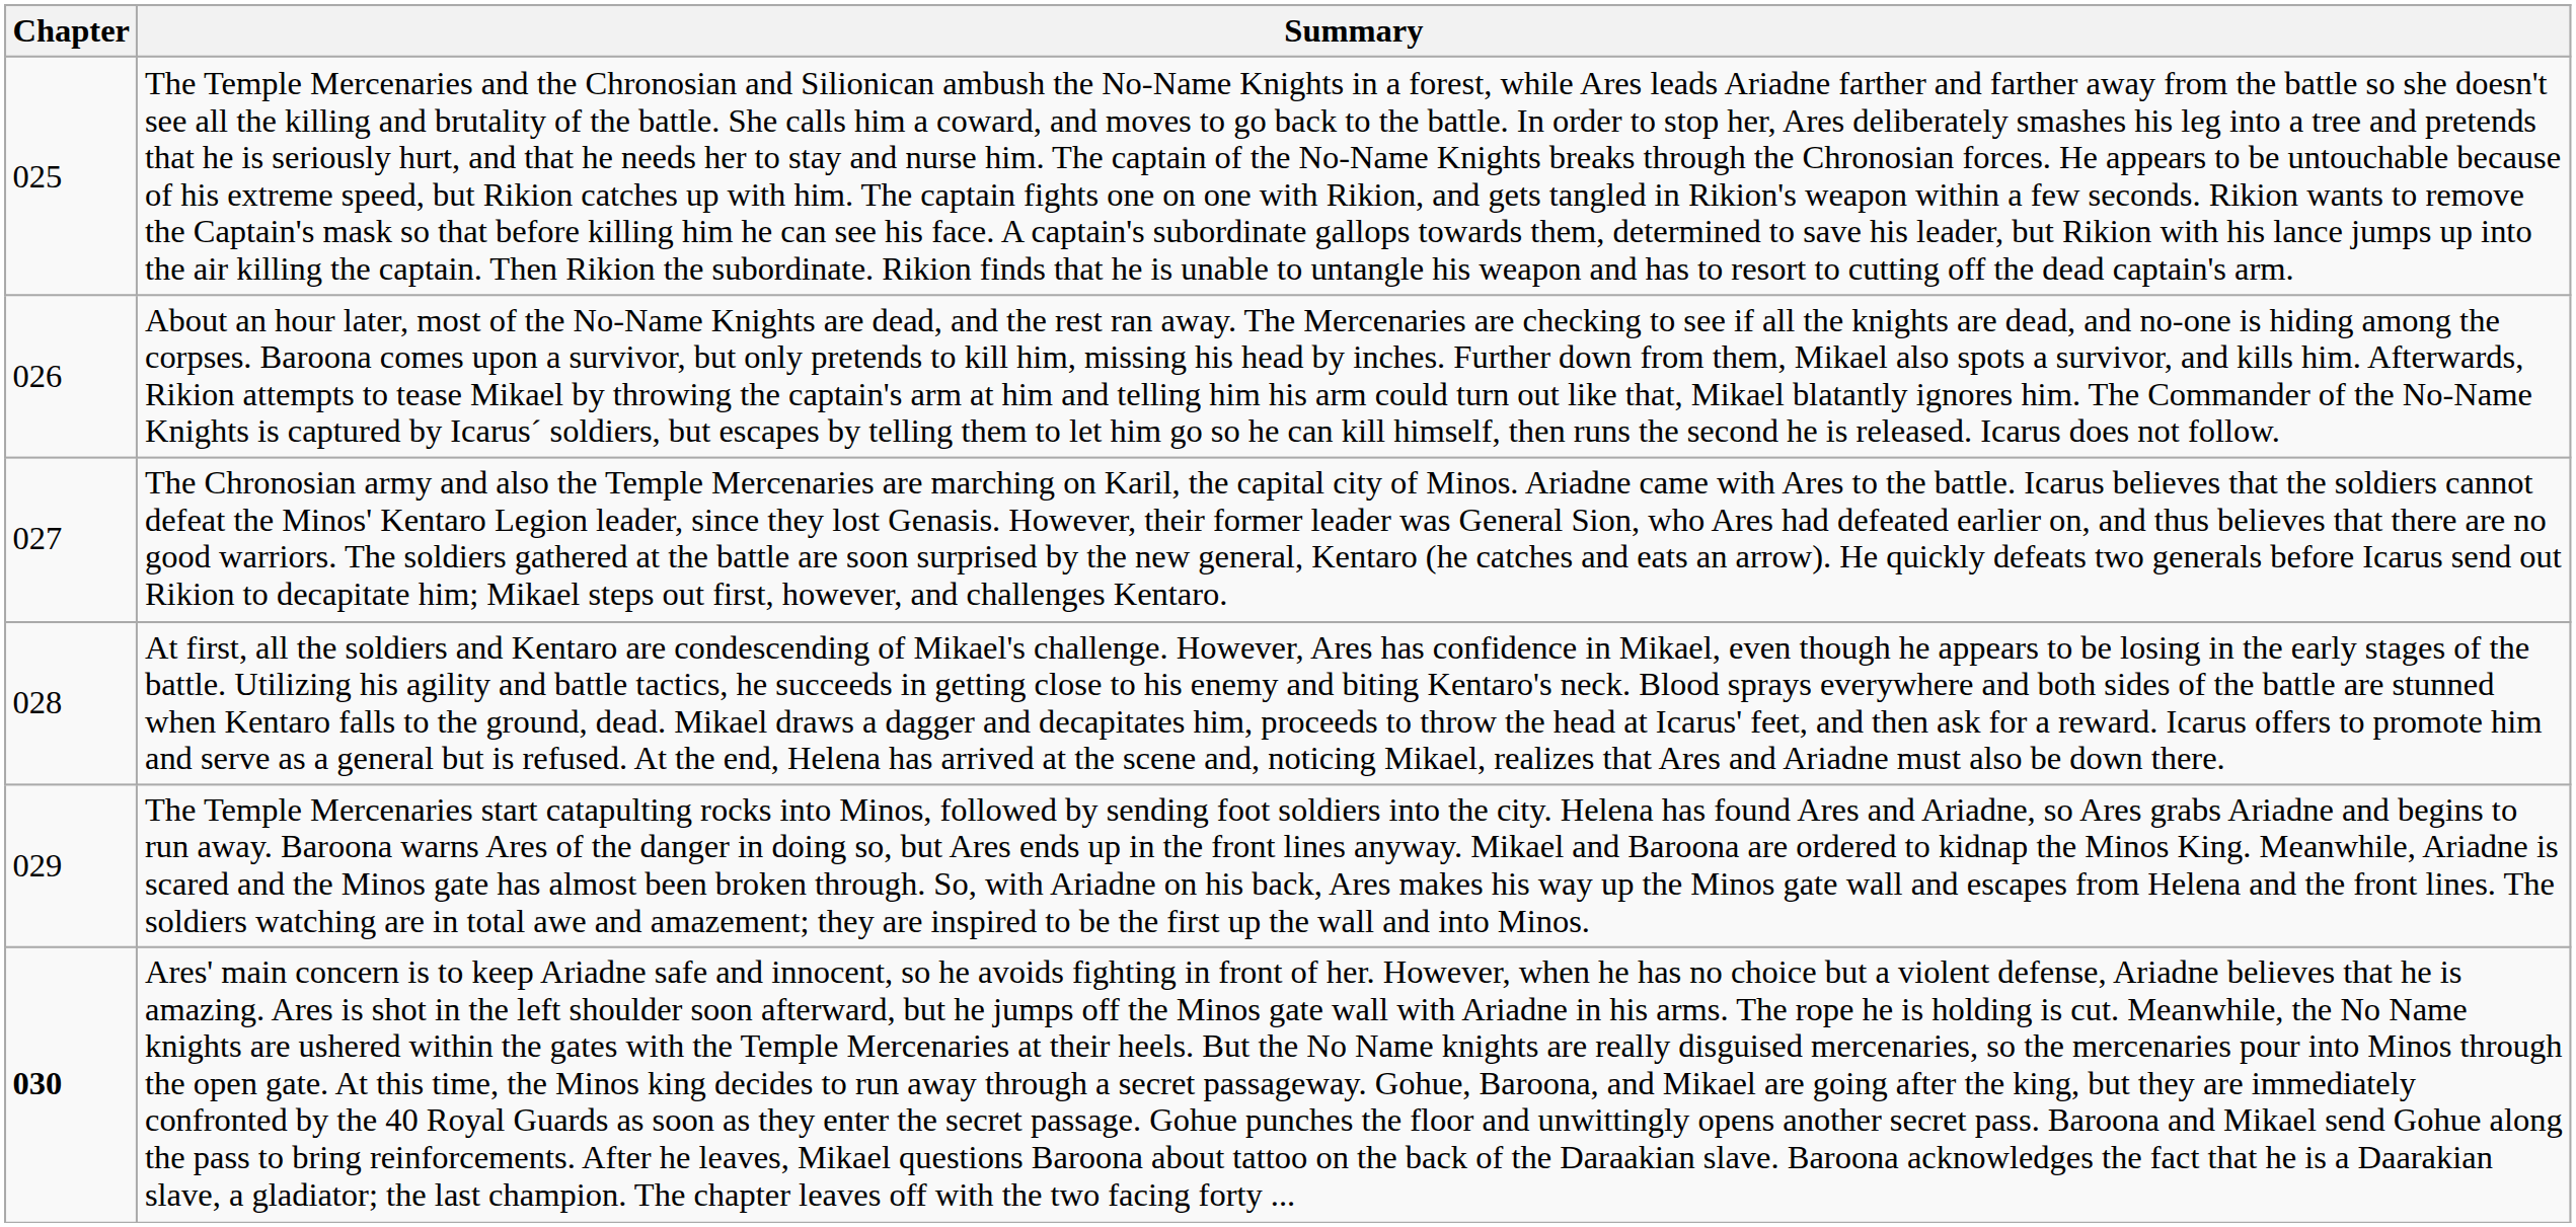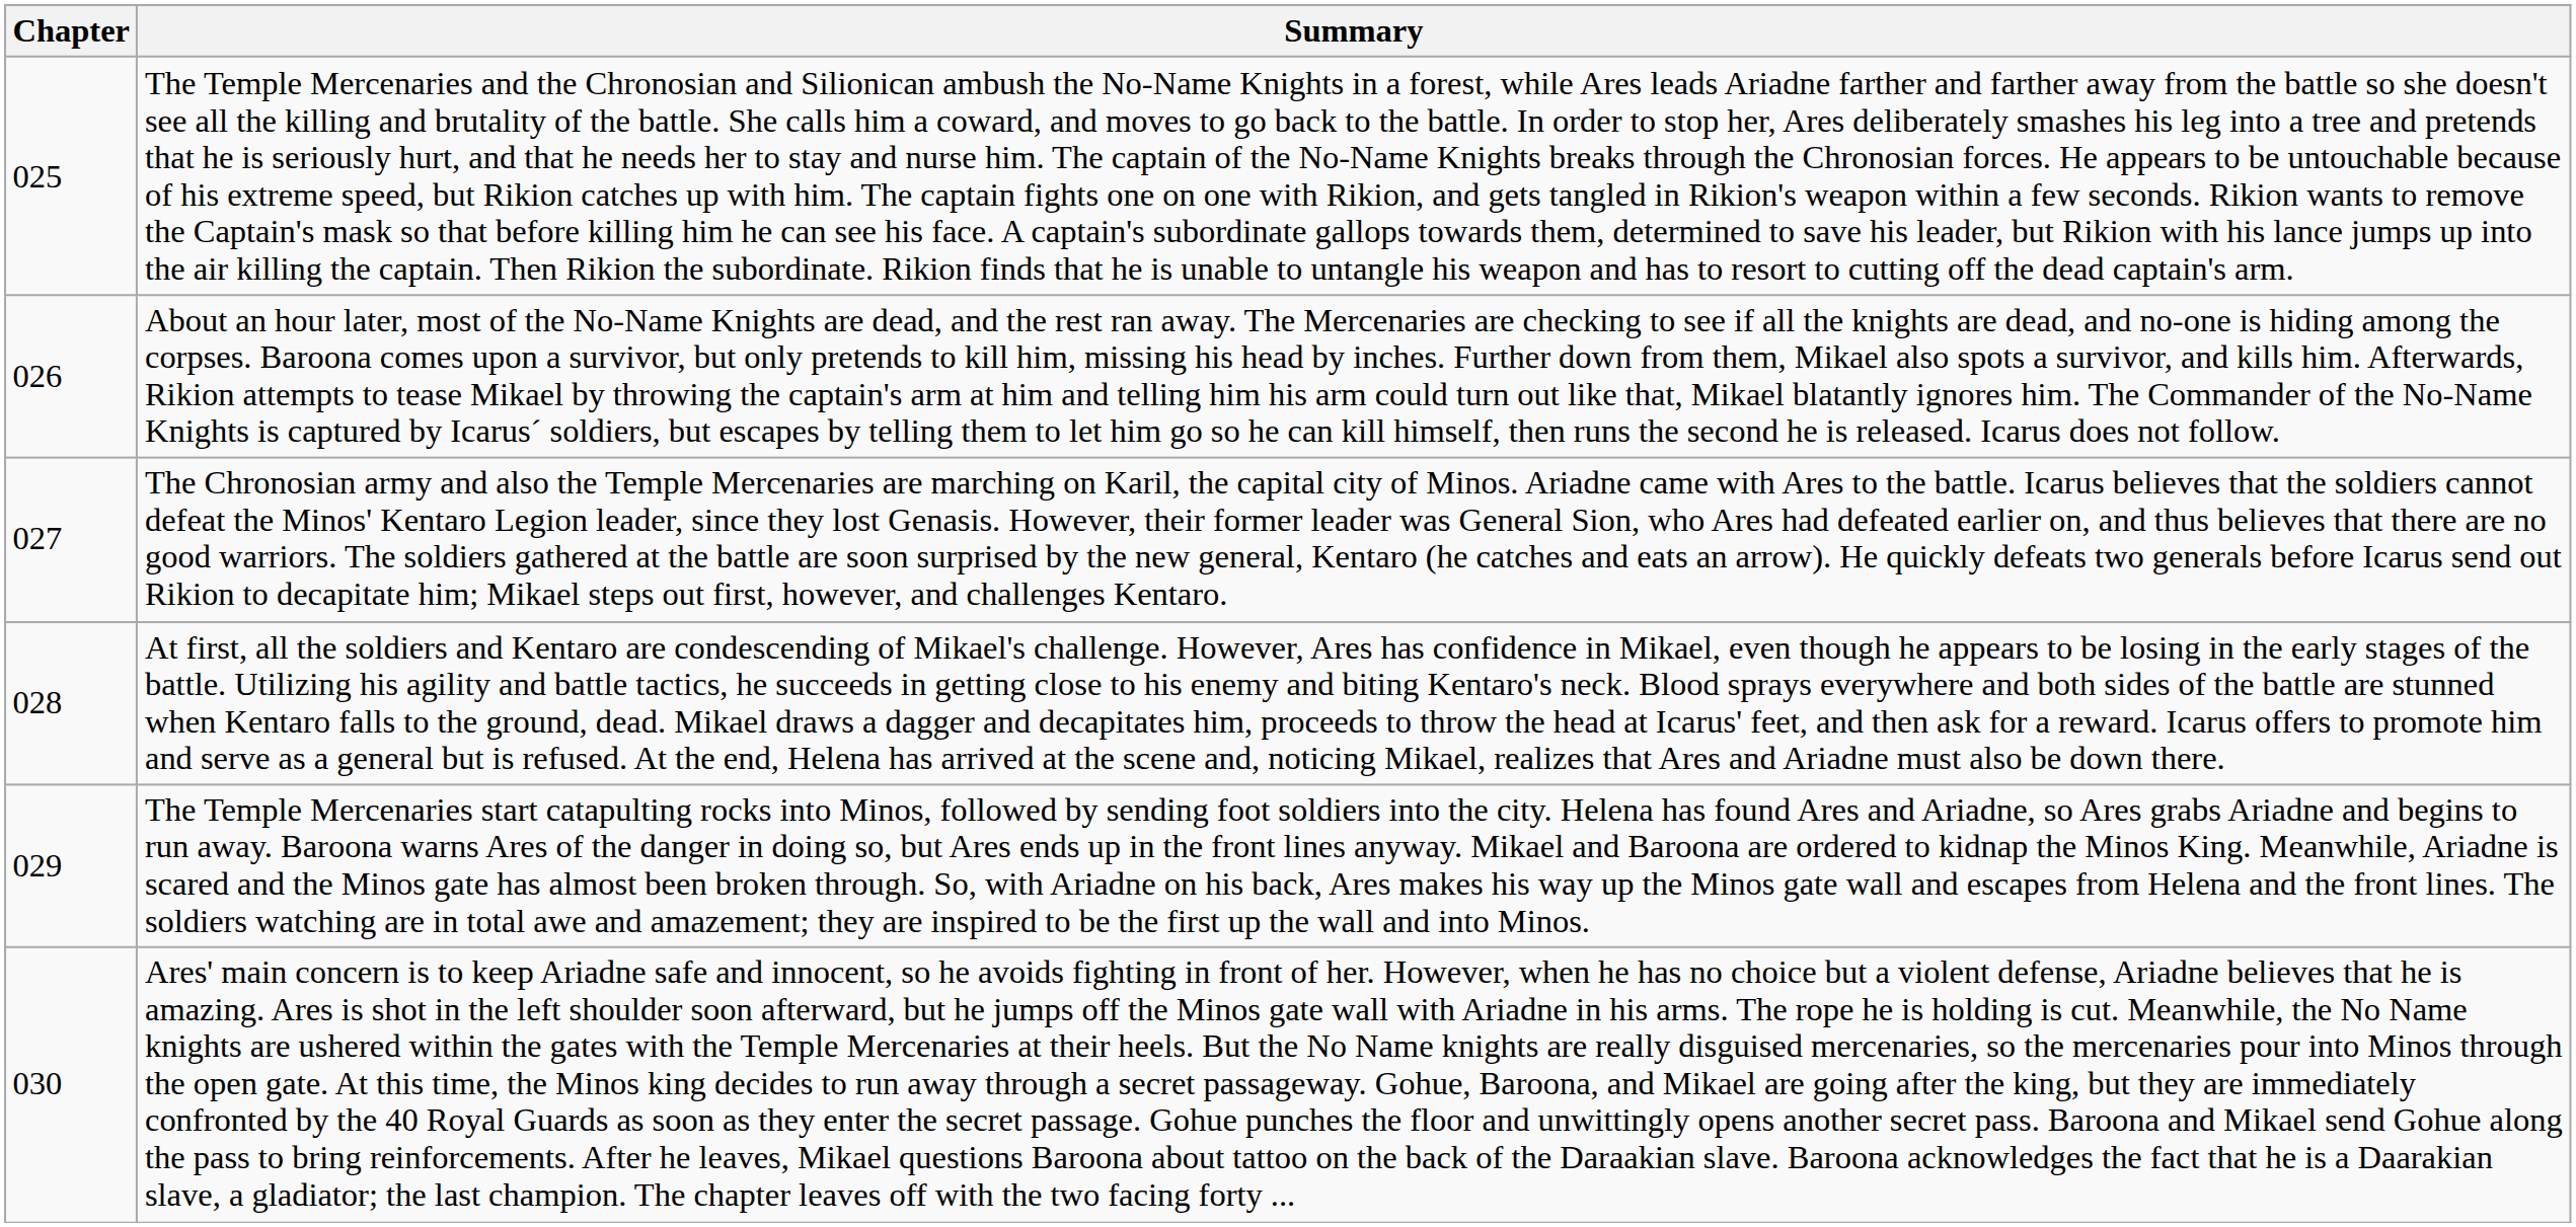 <table class="wikitable">
 <tr>
 <th>Chapter</th>
 <th>Summary</th>
 </tr>
 <tr>
 <td>025</td>
 <td>The Temple Mercenaries and the Chronosian and Silionican ambush the No-Name Knights in a forest, while Ares leads Ariadne farther and farther away from the battle so she doesn't see all the killing and brutality of the battle. She calls him a coward, and moves to go back to the battle. In order to stop her, Ares deliberately smashes his leg into a tree and pretends that he is seriously hurt, and that he needs her to stay and nurse him. The captain of the No-Name Knights breaks through the Chronosian forces. He appears to be untouchable because of his extreme speed, but Rikion catches up with him. The captain fights one on one with Rikion, and gets tangled in Rikion's weapon within a few seconds. Rikion wants to remove the Captain's mask so that before killing him he can see his face. A captain's subordinate gallops towards them, determined to save his leader, but Rikion with his lance jumps up into the air killing the captain. Then Rikion the subordinate. Rikion finds that he is unable to untangle his weapon and has to resort to cutting off the dead captain's arm.</td>
 </tr>
 <tr>
 <td>026</td>
 <td>About an hour later, most of the No-Name Knights are dead, and the rest ran away. The Mercenaries are checking to see if all the knights are dead, and no-one is hiding among the corpses. Baroona comes upon a survivor, but only pretends to kill him, missing his head by inches. Further down from them, Mikael also spots a survivor, and kills him. Afterwards, Rikion attempts to tease Mikael by throwing the captain's arm at him and telling him his arm could turn out like that, Mikael blatantly ignores him. The Commander of the No-Name Knights is captured by Icarus´ soldiers, but escapes by telling them to let him go so he can kill himself, then runs the second he is released. Icarus does not follow.</td>
 </tr>
 <tr>
 <td>027</td>
 <td>The Chronosian army and also the Temple Mercenaries are marching on Karil, the capital city of Minos. Ariadne came with Ares to the battle. Icarus believes that the soldiers cannot defeat the Minos' Kentaro Legion leader, since they lost Genasis. However, their former leader was General Sion, who Ares had defeated earlier on, and thus believes that there are no good warriors. The soldiers gathered at the battle are soon surprised by the new general, Kentaro (he catches and eats an arrow). He quickly defeats two generals before Icarus send out Rikion to decapitate him; Mikael steps out first, however, and challenges Kentaro.</td>
 </tr>
 <tr>
 <td>028</td>
 <td>At first, all the soldiers and Kentaro are condescending of Mikael's challenge. However, Ares has confidence in Mikael, even though he appears to be losing in the early stages of the battle. Utilizing his agility and battle tactics, he succeeds in getting close to his enemy and biting Kentaro's neck. Blood sprays everywhere and both sides of the battle are stunned when Kentaro falls to the ground, dead. Mikael draws a dagger and decapitates him, proceeds to throw the head at Icarus' feet, and then ask for a reward. Icarus offers to promote him and serve as a general but is refused. At the end, Helena has arrived at the scene and, noticing Mikael, realizes that Ares and Ariadne must also be down there.</td>
 </tr>
 <tr>
 <td>029</td>
 <td>The Temple Mercenaries start catapulting rocks into Minos, followed by sending foot soldiers into the city. Helena has found Ares and Ariadne, so Ares grabs Ariadne and begins to run away. Baroona warns Ares of the danger in doing so, but Ares ends up in the front lines anyway. Mikael and Baroona are ordered to kidnap the Minos King. Meanwhile, Ariadne is scared and the Minos gate has almost been broken through. So, with Ariadne on his back, Ares makes his way up the Minos gate wall and escapes from Helena and the front lines. The soldiers watching are in total awe and amazement; they are inspired to be the first up the wall and into Minos.</td>
 </tr>
 <tr>
-<td><strong>030</strong></td>
+<td>030</td>
 <td>Ares' main concern is to keep Ariadne safe and innocent, so he avoids fighting in front of her. However, when he has no choice but a violent defense, Ariadne believes that he is amazing. Ares is shot in the left shoulder soon afterward, but he jumps off the Minos gate wall with Ariadne in his arms. The rope he is holding is cut. Meanwhile, the No Name knights are ushered within the gates with the Temple Mercenaries at their heels. But the No Name knights are really disguised mercenaries, so the mercenaries pour into Minos through the open gate. At this time, the Minos king decides to run away through a secret passageway. Gohue, Baroona, and Mikael are going after the king, but they are immediately confronted by the 40 Royal Guards as soon as they enter the secret passage. Gohue punches the floor and unwittingly opens another secret pass. Baroona and Mikael send Gohue along the pass to bring reinforcements. After he leaves, Mikael questions Baroona about tattoo on the back of the Daraakian slave. Baroona acknowledges the fact that he is a Daarakian slave, a gladiator; the last champion. The chapter leaves off with the two facing forty ...</td>
 </tr>
 </table>
